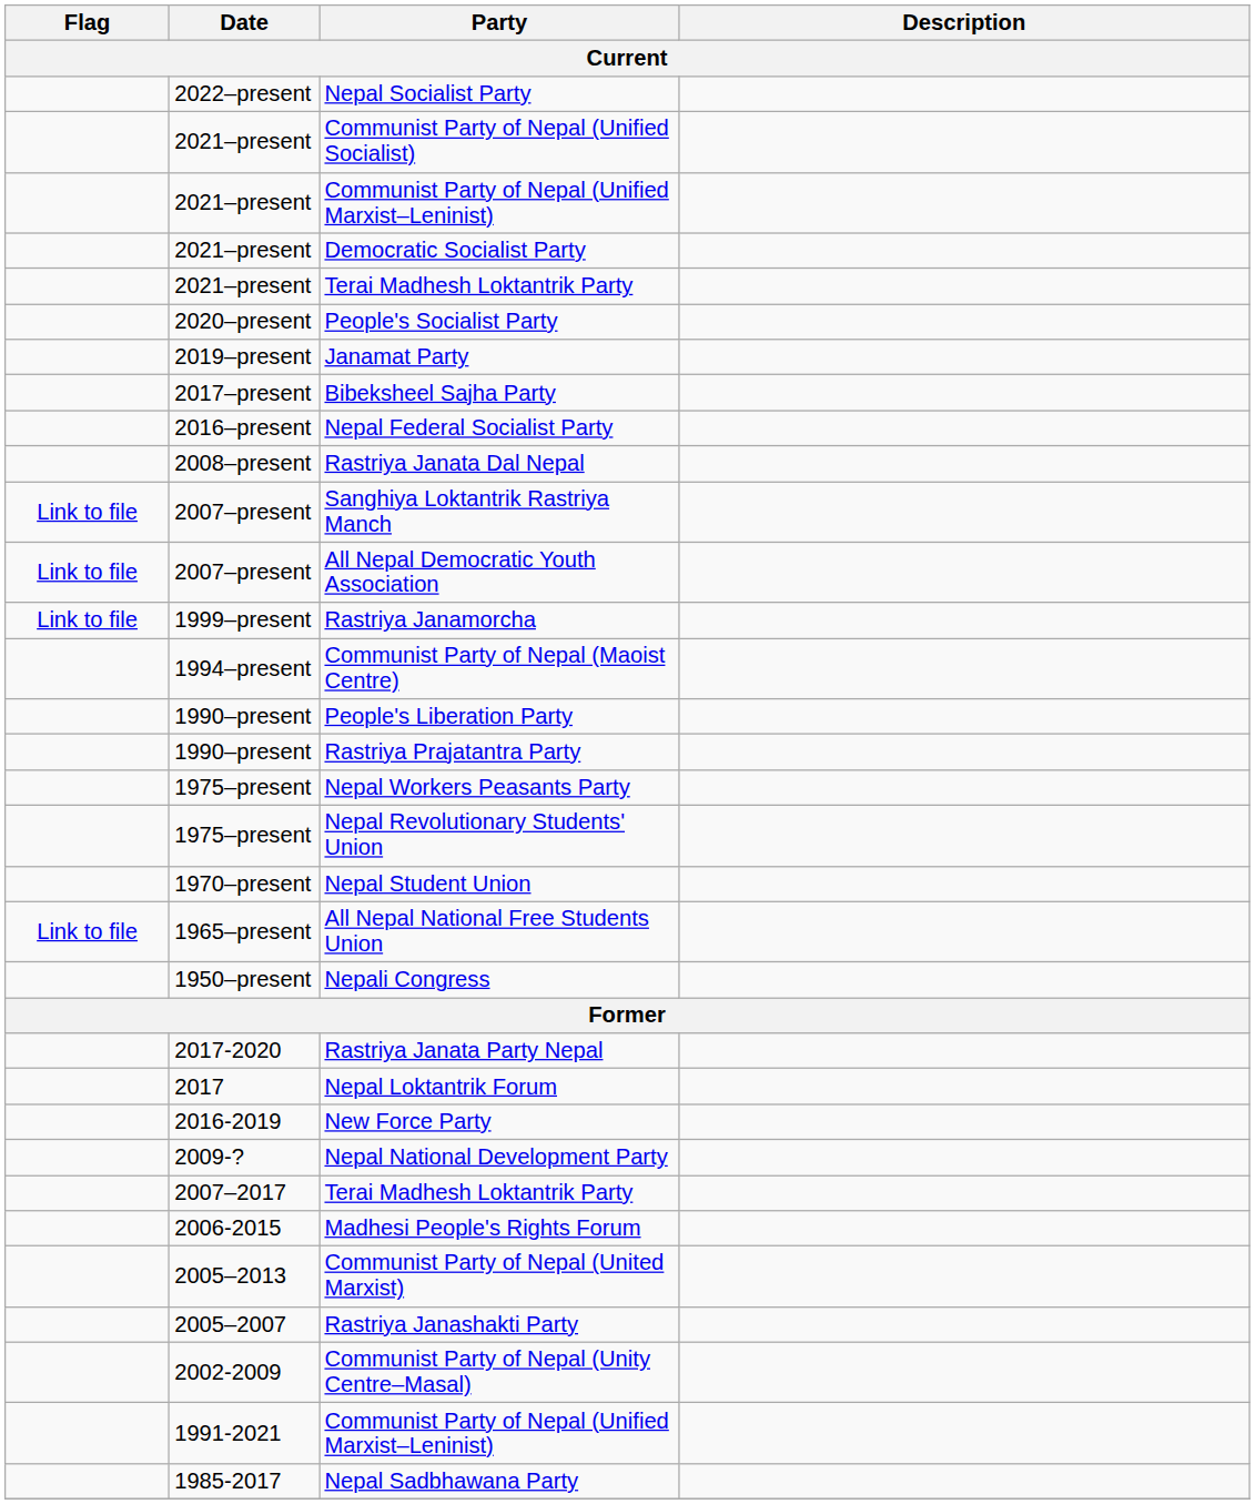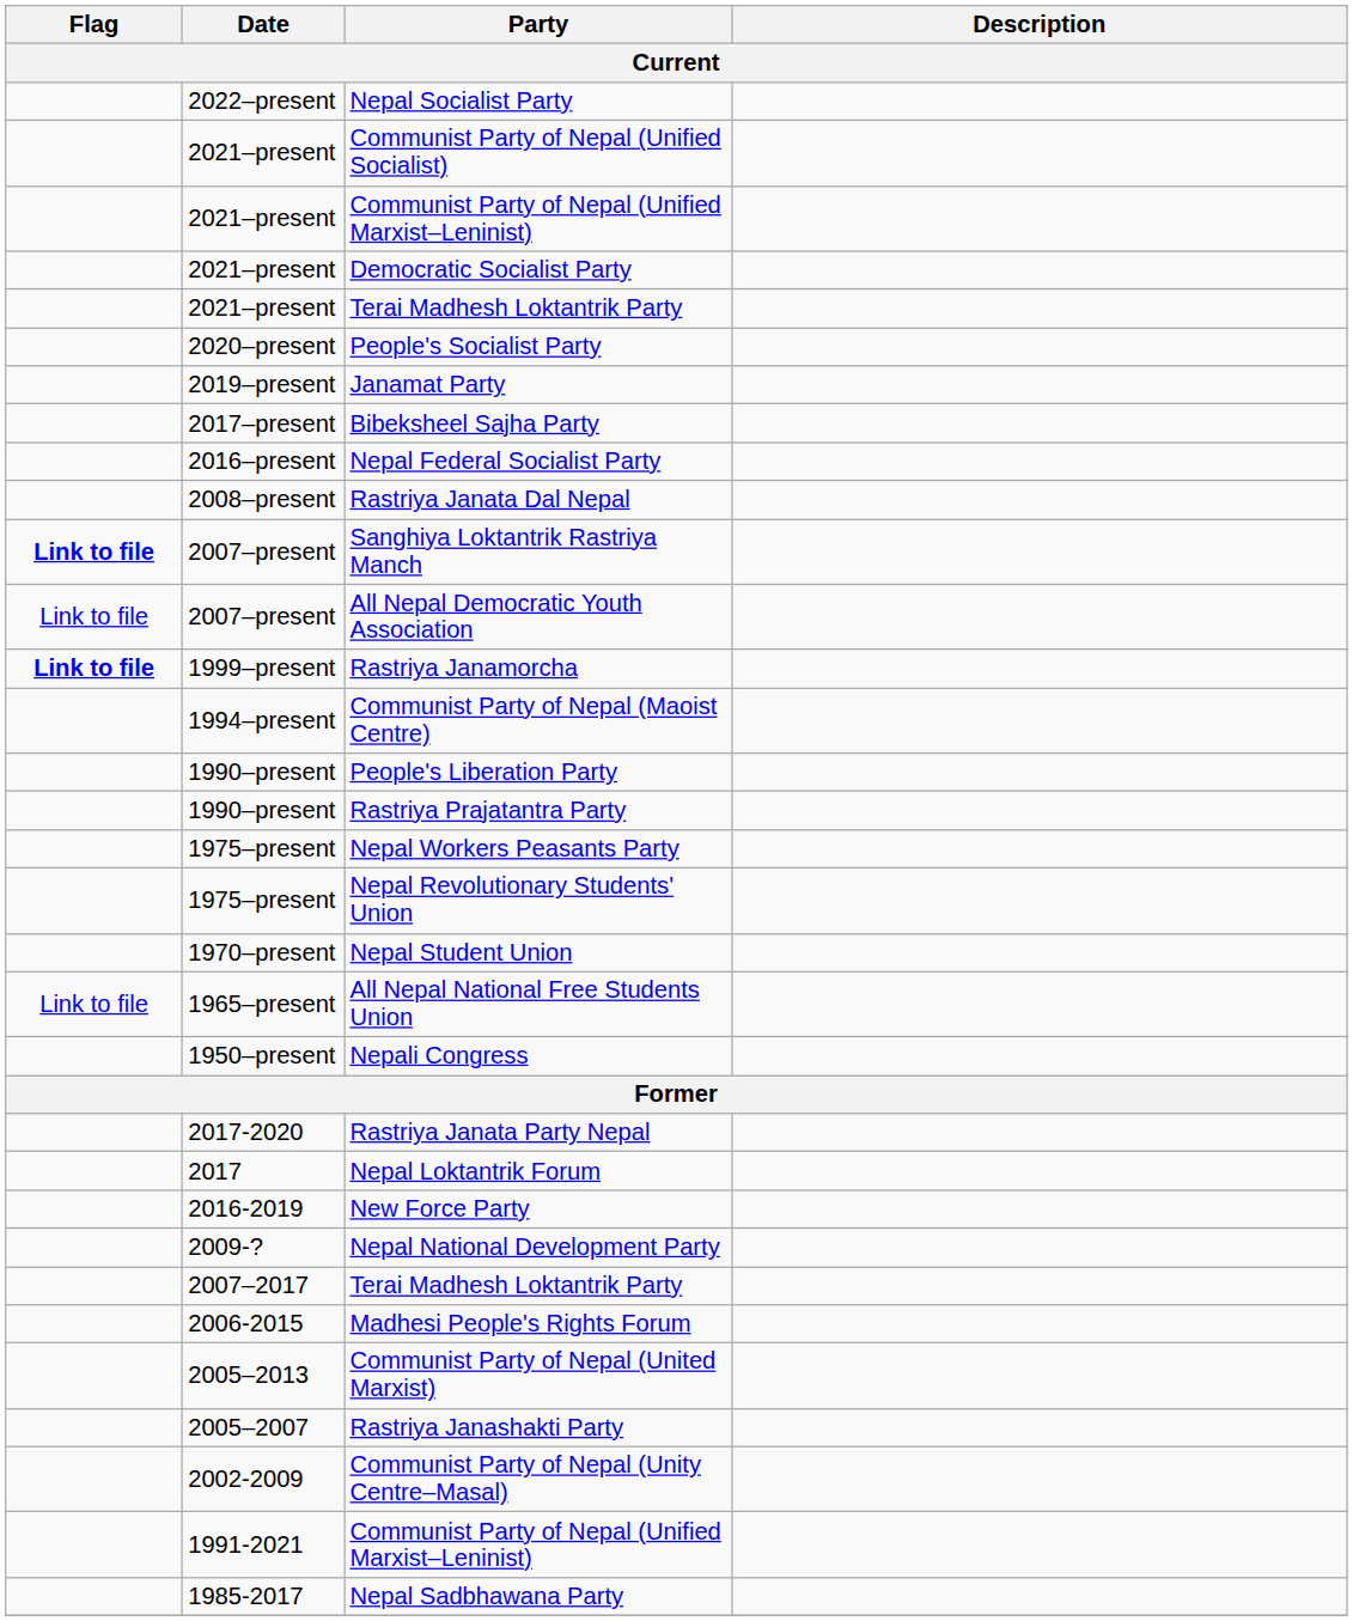 <table class="wikitable" style="background:#f9f9f9">
 <tr>
 <th style="width:110px">Flag</th>
 <th style="width:100px">Date</th>
 <th style="width:250px">Party</th>
 <th style="width:400px">Description</th>
 </tr>
 <tr>
 <th colspan="4">Current</th>
 </tr>
 <tr>
 <td></td>
 <td>2022–present</td>
 <td><a href='#'>Nepal Socialist Party</a></td>
 <td></td>
 </tr>
 <tr>
 <td></td>
 <td>2021–present</td>
 <td><a href='#'>Communist Party of Nepal (Unified Socialist)</a></td>
 <td></td>
 </tr>
 <tr>
 <td></td>
 <td>2021–present</td>
 <td><a href='#'>Communist Party of Nepal (Unified Marxist–Leninist)</a></td>
 <td></td>
 </tr>
 <tr>
 <td></td>
 <td>2021–present</td>
 <td><a href='#'>Democratic Socialist Party</a></td>
 <td></td>
 </tr>
 <tr>
 <td></td>
 <td>2021–present</td>
 <td><a href='#'>Terai Madhesh Loktantrik Party</a></td>
 <td></td>
 </tr>
 <tr>
 <td></td>
 <td>2020–present</td>
 <td><a href='#'>People's Socialist Party</a></td>
 <td></td>
 </tr>
 <tr>
 <td></td>
 <td>2019–present</td>
 <td><a href='#'>Janamat Party</a></td>
 <td></td>
 </tr>
 <tr>
 <td></td>
 <td>2017–present</td>
 <td><a href='#'>Bibeksheel Sajha Party</a></td>
 <td></td>
 </tr>
 <tr>
 <td></td>
 <td>2016–present</td>
 <td><a href='#'>Nepal Federal Socialist Party</a></td>
 <td></td>
 </tr>
 <tr>
 <td></td>
 <td>2008–present</td>
 <td><a href='#'>Rastriya Janata Dal Nepal</a></td>
 <td></td>
 </tr>
 <tr>
-<td style="text-align:center;"><a href='#'>Link to file</a></td>
+<td style="text-align:center;"><strong><a href='#'>Link to file</a></strong></td>
 <td>2007–present</td>
 <td><a href='#'>Sanghiya Loktantrik Rastriya Manch</a></td>
 <td></td>
 </tr>
 <tr>
 <td style="text-align:center;"><a href='#'>Link to file</a></td>
 <td>2007–present</td>
 <td><a href='#'>All Nepal Democratic Youth Association</a></td>
 <td></td>
 </tr>
 <tr>
-<td style="text-align:center;"><a href='#'>Link to file</a></td>
+<td style="text-align:center;"><strong><a href='#'>Link to file</a></strong></td>
 <td>1999–present</td>
 <td><a href='#'>Rastriya Janamorcha</a></td>
 <td></td>
 </tr>
 <tr>
 <td></td>
 <td>1994–present</td>
 <td><a href='#'>Communist Party of Nepal (Maoist Centre)</a></td>
 <td></td>
 </tr>
 <tr>
 <td></td>
 <td>1990–present</td>
 <td><a href='#'>People's Liberation Party</a></td>
 <td></td>
 </tr>
 <tr>
 <td></td>
 <td>1990–present</td>
 <td><a href='#'>Rastriya Prajatantra Party</a></td>
 <td></td>
 </tr>
 <tr>
 <td></td>
 <td>1975–present</td>
 <td><a href='#'>Nepal Workers Peasants Party</a></td>
 <td></td>
 </tr>
 <tr>
 <td></td>
 <td>1975–present</td>
 <td><a href='#'>Nepal Revolutionary Students' Union</a></td>
 <td></td>
 </tr>
 <tr>
 <td></td>
 <td>1970–present</td>
 <td><a href='#'>Nepal Student Union</a></td>
 <td></td>
 </tr>
 <tr>
 <td style="text-align:center;"><a href='#'>Link to file</a></td>
 <td>1965–present</td>
 <td><a href='#'>All Nepal National Free Students Union</a></td>
 <td></td>
 </tr>
 <tr>
 <td></td>
 <td>1950–present</td>
 <td><a href='#'>Nepali Congress</a></td>
 <td></td>
 </tr>
 <tr>
 <th colspan="4">Former</th>
 </tr>
 <tr>
 <td></td>
 <td>2017-2020</td>
 <td><a href='#'>Rastriya Janata Party Nepal</a></td>
 <td></td>
 </tr>
 <tr>
 <td></td>
 <td>2017</td>
 <td><a href='#'>Nepal Loktantrik Forum</a></td>
 <td></td>
 </tr>
 <tr>
 <td></td>
 <td>2016-2019</td>
 <td><a href='#'>New Force Party</a></td>
 <td></td>
 </tr>
 <tr>
 <td></td>
 <td>2009-?</td>
 <td><a href='#'>Nepal National Development Party</a></td>
 <td></td>
 </tr>
 <tr>
 <td></td>
 <td>2007–2017</td>
 <td><a href='#'>Terai Madhesh Loktantrik Party</a></td>
 <td></td>
 </tr>
 <tr>
 <td></td>
 <td>2006-2015</td>
 <td><a href='#'>Madhesi People's Rights Forum</a></td>
 <td></td>
 </tr>
 <tr>
 <td></td>
 <td>2005–2013</td>
 <td><a href='#'>Communist Party of Nepal (United Marxist)</a></td>
 <td></td>
 </tr>
 <tr>
 <td></td>
 <td>2005–2007</td>
 <td><a href='#'>Rastriya Janashakti Party</a></td>
 <td></td>
 </tr>
 <tr>
 <td></td>
 <td>2002-2009</td>
 <td><a href='#'>Communist Party of Nepal (Unity Centre–Masal)</a></td>
 <td></td>
 </tr>
 <tr>
 <td></td>
 <td>1991-2021</td>
 <td><a href='#'>Communist Party of Nepal (Unified Marxist–Leninist)</a></td>
 <td></td>
 </tr>
 <tr>
 <td></td>
 <td>1985-2017</td>
 <td><a href='#'>Nepal Sadbhawana Party</a></td>
 <td></td>
 </tr>
 <tr>
 </tr>
 </table>
